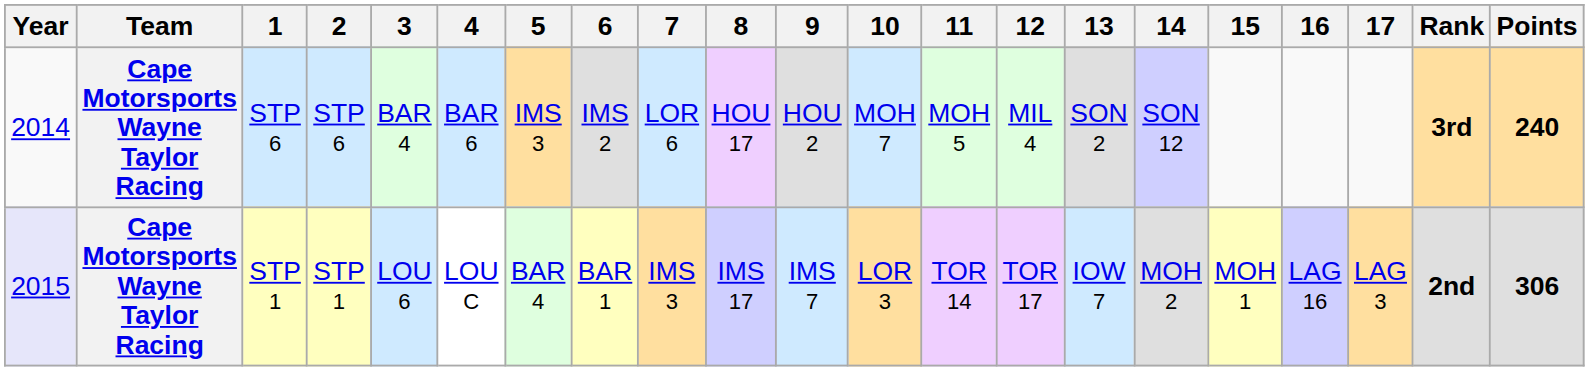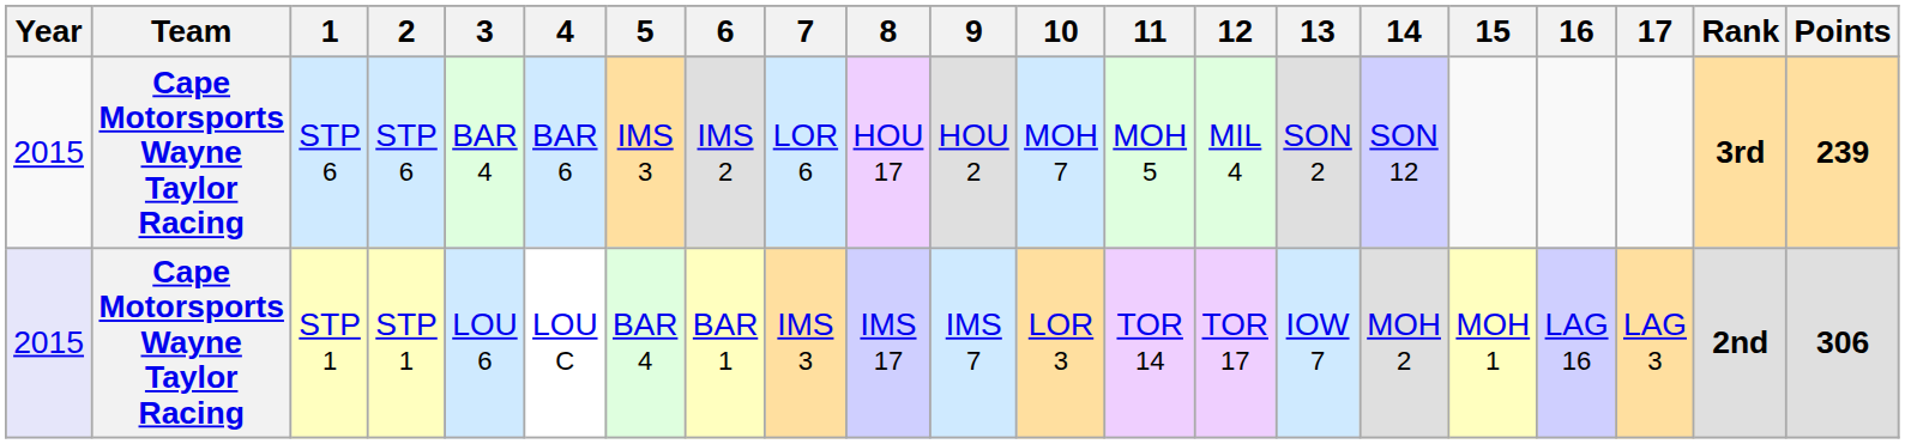 <table class="wikitable" style="text-align:center; font-size:90%">
 <tr>
 <th>Year</th>
 <th>Team</th>
 <th>1</th>
 <th>2</th>
 <th>3</th>
 <th>4</th>
 <th>5</th>
 <th>6</th>
 <th>7</th>
 <th>8</th>
 <th>9</th>
 <th>10</th>
 <th>11</th>
 <th>12</th>
 <th>13</th>
 <th>14</th>
 <th>15</th>
 <th>16</th>
 <th>17</th>
 <th>Rank</th>
 <th>Points</th>
 </tr>
 <tr>
-<td><a href='#'>2014</a></td>
+<td><a href='#'>2015</a></td>
 <th><a href='#'>Cape Motorsports</a><br><a href='#'>Wayne Taylor Racing</a></th>
 <td style="background:#CFEAFF;"><a href='#'>STP</a><br><small>6</small></td>
 <td style="background:#CFEAFF;"><a href='#'>STP</a><br><small>6</small></td>
 <td style="background:#DFFFDF;"><a href='#'>BAR</a><br><small>4</small></td>
 <td style="background:#CFEAFF;"><a href='#'>BAR</a><br><small>6</small></td>
 <td style="background:#FFDF9F;"><a href='#'>IMS</a><br><small>3</small></td>
 <td style="background:#DFDFDF;"><a href='#'>IMS</a><br><small>2</small></td>
 <td style="background:#CFEAFF;"><a href='#'>LOR</a><br><small>6</small></td>
 <td style="background:#EFCFFF;"><a href='#'>HOU</a><br><small>17</small></td>
 <td style="background:#DFDFDF;"><a href='#'>HOU</a><br><small>2</small></td>
 <td style="background:#CFEAFF;"><a href='#'>MOH</a><br><small>7</small></td>
 <td style="background:#DFFFDF;"><a href='#'>MOH</a><br><small>5</small></td>
 <td style="background:#DFFFDF;"><a href='#'>MIL</a><br><small>4</small></td>
 <td style="background:#DFDFDF;"><a href='#'>SON</a><br><small>2</small></td>
 <td style="background:#CFCFFF;"><a href='#'>SON</a><br><small>12</small></td>
 <td></td>
 <td></td>
 <td></td>
 <td style="background:#FFDF9F;"><strong>3rd</strong></td>
-<td style="background:#FFDF9F;"><strong>240</strong></td>
+<td style="background:#FFDF9F;"><strong>239</strong></td>
 </tr>
 <tr>
 <td style="background: lavender;"><a href='#'>2015</a></td>
 <th><a href='#'>Cape Motorsports</a> <br> <a href='#'>Wayne Taylor Racing</a></th>
 <td style="background:#FFFFBF;"><a href='#'>STP</a><br><small>1</small></td>
 <td style="background:#FFFFBF;"><a href='#'>STP</a><br><small>1</small></td>
 <td style="background:#CFEAFF;"><a href='#'>LOU</a><br><small>6</small></td>
 <td style="background:#FFFFFF;"><a href='#'>LOU</a><br><small>C</small></td>
 <td style="background:#DFFFDF;"><a href='#'>BAR</a><br><small>4</small></td>
 <td style="background:#FFFFBF;"><a href='#'>BAR</a><br><small>1</small></td>
 <td style="background:#FFDF9F;"><a href='#'>IMS</a><br><small>3</small></td>
 <td style="background:#CFCFFF;"><a href='#'>IMS</a><br><small>17</small></td>
 <td style="background:#CFEAFF;"><a href='#'>IMS</a><br><small>7</small></td>
 <td style="background:#FFDF9F;"><a href='#'>LOR</a><br><small>3</small></td>
 <td style="background:#EFCFFF;"><a href='#'>TOR</a><br><small>14</small></td>
 <td style="background:#EFCFFF;"><a href='#'>TOR</a><br><small>17</small></td>
 <td style="background:#CFEAFF;"><a href='#'>IOW</a><br><small>7</small></td>
 <td style="background:#DFDFDF;"><a href='#'>MOH</a><br><small>2</small></td>
 <td style="background:#FFFFBF;"><a href='#'>MOH</a><br><small>1</small></td>
 <td style="background:#CFCFFF;"><a href='#'>LAG</a><br><small>16</small></td>
 <td style="background:#FFDF9F;"><a href='#'>LAG</a><br><small>3</small></td>
 <td style="background:#DFDFDF;"><strong>2nd</strong></td>
 <td style="background:#DFDFDF;"><strong>306</strong></td>
 </tr>
 </table>
